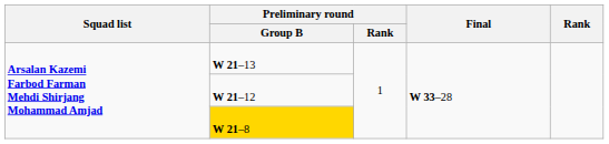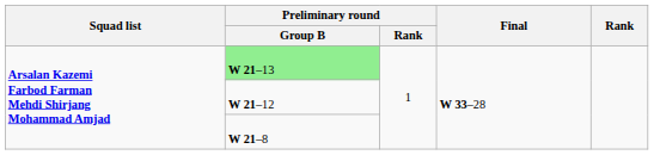 <table class="wikitable" width="60%" style="text-align:left; font-size:90%">
 <tr>
 <th rowspan="2" width="20%">Squad list</th>
 <th colspan="2">Preliminary round</th>
 <th rowspan="2" width="14%">Final</th>
 <th rowspan="2" width="5%">Rank</th>
 </tr>
 <tr>
 <th width="14%">Group B</th>
 <th width="5%">Rank</th>
 </tr>
 <tr>
 <td rowspan="3"><strong><a href='#'>Arsalan Kazemi</a><br><a href='#'>Farbod Farman</a><br><a href='#'>Mehdi Shirjang</a><br><a href='#'>Mohammad Amjad</a></strong></td>
-<td><br><strong>W</strong> <strong>21</strong>–13</td>
+<td style="background: lightgreen;"><br><strong>W</strong> <strong>21</strong>–13</td>
 <td rowspan="3" align=center>1 <strong></strong></td>
 <td rowspan="3"><br><strong>W</strong> <strong>33</strong>–28</td>
 <td rowspan="3" align="center"></td>
 </tr>
 <tr>
 <td><br><strong>W</strong> <strong>21</strong>–12</td>
 </tr>
 <tr>
-<td style="background: gold;"><br><strong>W</strong> <strong>21</strong>–8</td>
+<td><br><strong>W</strong> <strong>21</strong>–8</td>
 </tr>
 </table>
